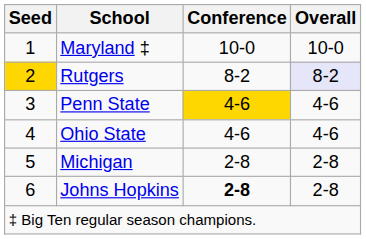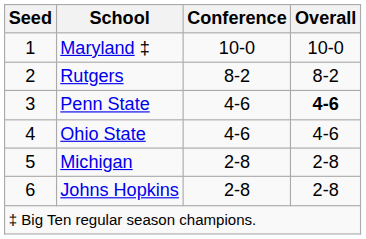 <table class="wikitable" style="text-align:center">
 <tr>
 <th>Seed</th>
 <th>School</th>
 <th>Conference</th>
 <th>Overall</th>
 </tr>
 <tr>
 <td>1</td>
 <td align=left><a href='#'>Maryland</a> ‡</td>
 <td>10-0</td>
 <td>10-0</td>
 </tr>
 <tr>
-<td style="background: gold;">2</td>
+<td>2</td>
 <td align=left><a href='#'>Rutgers</a></td>
 <td>8-2</td>
-<td style="background: lavender;">8-2</td>
+<td>8-2</td>
 </tr>
 <tr>
 <td>3</td>
 <td align=left><a href='#'>Penn State</a></td>
-<td style="background: gold;">4-6</td>
 <td>4-6</td>
+<td><strong>4-6</strong></td>
 </tr>
 <tr>
 <td>4</td>
 <td align=left><a href='#'>Ohio State</a></td>
 <td>4-6</td>
 <td>4-6</td>
 </tr>
 <tr>
 <td>5</td>
 <td align=left><a href='#'>Michigan</a></td>
 <td>2-8</td>
 <td>2-8</td>
 </tr>
 <tr>
 <td>6</td>
 <td align=left><a href='#'>Johns Hopkins</a></td>
-<td><strong>2-8</strong></td>
+<td>2-8</td>
 <td>2-8</td>
 </tr>
 <tr>
 <td colspan=4 align=left><small>‡ Big Ten regular season champions.</small></td>
 </tr>
 </table>
